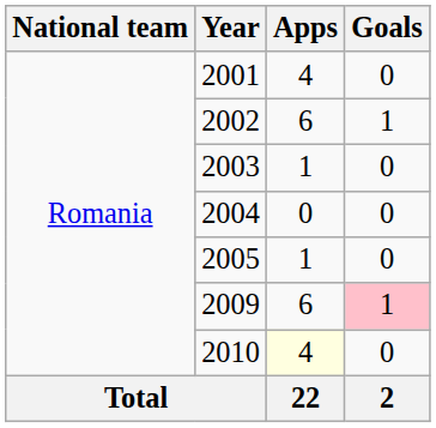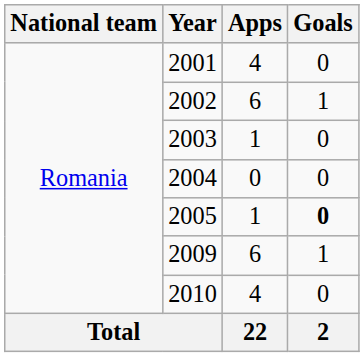 <table class="wikitable" style="text-align:center">
 <tr>
 <th>National team</th>
 <th>Year</th>
 <th>Apps</th>
 <th>Goals</th>
 </tr>
 <tr>
 <td rowspan="7"><a href='#'>Romania</a></td>
 <td>2001</td>
 <td>4</td>
 <td>0</td>
 </tr>
 <tr>
 <td>2002</td>
 <td>6</td>
 <td>1</td>
 </tr>
 <tr>
 <td>2003</td>
 <td>1</td>
 <td>0</td>
 </tr>
 <tr>
 <td>2004</td>
 <td>0</td>
 <td>0</td>
 </tr>
 <tr>
 <td>2005</td>
 <td>1</td>
-<td>0</td>
+<td><strong>0</strong></td>
 </tr>
 <tr>
 <td>2009</td>
 <td>6</td>
-<td style="background: pink;">1</td>
+<td>1</td>
 </tr>
 <tr>
 <td>2010</td>
-<td style="background: lightyellow;">4</td>
+<td>4</td>
 <td>0</td>
 </tr>
 <tr>
 <th colspan="2">Total</th>
 <th>22</th>
 <th>2</th>
 </tr>
 </table>
